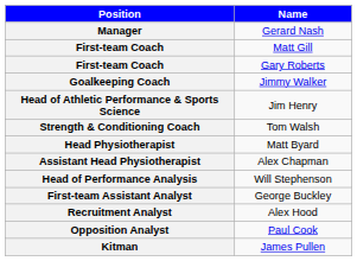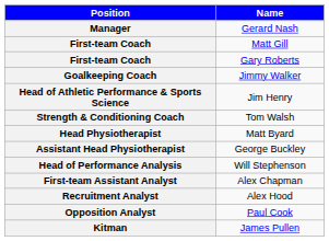 <table class="wikitable"  style="text-align:center; font-size:90%; ">
 <tr>
 <th style="background:blue; color:white; width:300px;">Position</th>
 <th style="background:blue; color:white; width:150px;">Name</th>
 </tr>
 <tr>
 <th scope=row>Manager</th>
 <td> <a href='#'>Gerard Nash</a></td>
 </tr>
 <tr>
 <th scope=row>First-team Coach</th>
 <td> <a href='#'>Matt Gill</a></td>
 </tr>
 <tr>
 <th scope=row>First-team Coach</th>
 <td> <a href='#'>Gary Roberts</a></td>
 </tr>
 <tr>
 <th scope=row>Goalkeeping Coach</th>
 <td> <a href='#'>Jimmy Walker</a></td>
 </tr>
 <tr>
 <th scope=row>Head of Athletic Performance & Sports Science</th>
 <td> Jim Henry</td>
 </tr>
 <tr>
 <th scope=row>Strength & Conditioning Coach</th>
 <td> Tom Walsh</td>
 </tr>
 <tr>
 <th scope=row>Head Physiotherapist</th>
 <td> Matt Byard</td>
 </tr>
 <tr>
 <th scope=row>Assistant Head Physiotherapist</th>
-<td> Alex Chapman</td>
+<td> George Buckley</td>
 </tr>
 <tr>
 <th scope=row>Head of Performance Analysis</th>
 <td> Will Stephenson</td>
 </tr>
 <tr>
 <th scope=row>First-team Assistant Analyst</th>
-<td> George Buckley</td>
+<td> Alex Chapman</td>
 </tr>
 <tr>
 <th scope=row>Recruitment Analyst</th>
 <td> Alex Hood</td>
 </tr>
 <tr>
 <th scope=row>Opposition Analyst</th>
 <td> <a href='#'>Paul Cook</a></td>
 </tr>
 <tr>
 <th scope=row>Kitman</th>
 <td> <a href='#'>James Pullen</a></td>
 </tr>
 </table>
